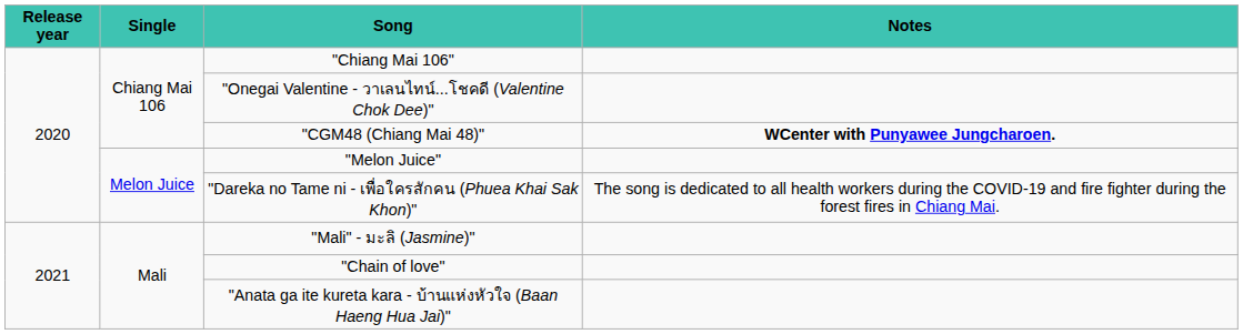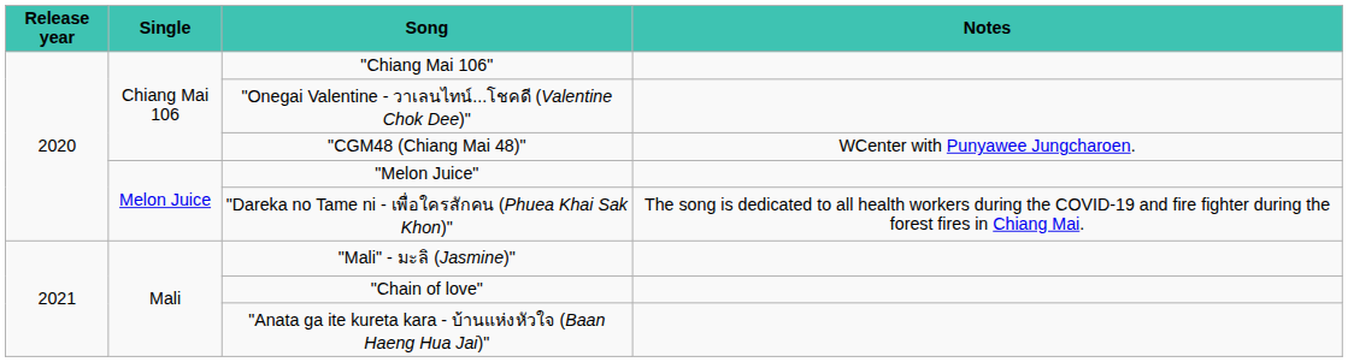 <table class="wikitable" style="text-align:center">
 <tr>
 <th style="background:#3ec3b2">Release year</th>
 <th style="background:#3ec3b2">Single</th>
 <th style="background:#3ec3b2">Song</th>
 <th style="background:#3ec3b2">Notes</th>
 </tr>
 <tr>
 <td rowspan="5">2020</td>
 <td rowspan="3">Chiang Mai 106</td>
 <td>"Chiang Mai 106"</td>
 <td></td>
 </tr>
 <tr>
 <td>"Onegai Valentine - วาเลนไทน์...โชคดี (<em>Valentine Chok Dee</em>)"</td>
 <td></td>
 </tr>
 <tr>
 <td>"CGM48 (Chiang Mai 48)"</td>
-<td><strong>WCenter with <a href='#'>Punyawee Jungcharoen</a>.</strong></td>
+<td>WCenter with <a href='#'>Punyawee Jungcharoen</a>.</td>
 </tr>
 <tr>
 <td rowspan="2"><a href='#'>Melon Juice</a></td>
 <td>"Melon Juice"</td>
 <td></td>
 </tr>
 <tr>
 <td>"Dareka no Tame ni - เพื่อใครสักคน (<em>Phuea Khai Sak Khon</em>)"</td>
 <td>The song is dedicated to all health workers during the COVID-19 and fire fighter during the forest fires in <a href='#'>Chiang Mai</a>.</td>
 </tr>
 <tr>
 <td rowspan="3">2021</td>
 <td rowspan="3">Mali</td>
 <td>"Mali" - มะลิ (<em>Jasmine</em>)"</td>
 <td></td>
 </tr>
 <tr>
 <td>"Chain of love"</td>
 <td></td>
 </tr>
 <tr>
 <td>"Anata ga ite kureta kara - บ้านแห่งหัวใจ (<em>Baan Haeng Hua Jai</em>)"</td>
 <td></td>
 </tr>
 </table>
